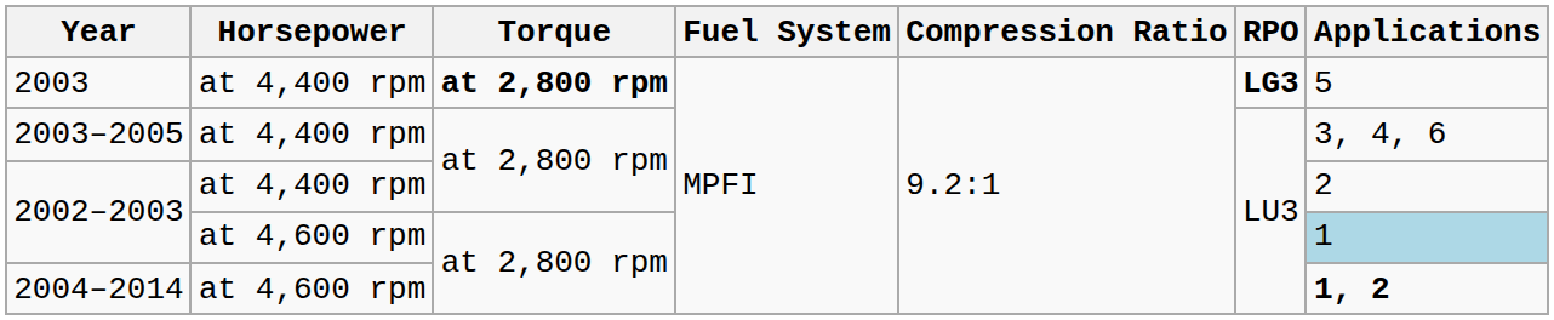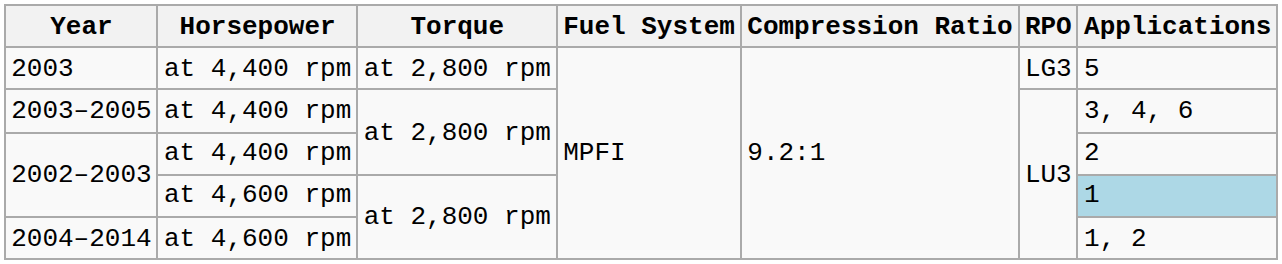 <table class=wikitable>
 <tr>
 <th>Year</th>
 <th>Horsepower</th>
 <th>Torque</th>
 <th>Fuel System</th>
 <th>Compression Ratio</th>
 <th>RPO</th>
 <th>Applications</th>
 </tr>
 <tr>
 <td>2003</td>
 <td> at 4,400 rpm</td>
-<td><strong> at 2,800 rpm</strong></td>
+<td> at 2,800 rpm</td>
 <td rowspan=5>MPFI</td>
 <td rowspan=5>9.2:1</td>
-<td><strong>LG3</strong></td>
+<td>LG3</td>
 <td>5</td>
 </tr>
 <tr>
 <td>2003–2005</td>
 <td> at 4,400 rpm</td>
 <td rowspan=2> at 2,800 rpm</td>
 <td rowspan=4>LU3</td>
 <td>3, 4, 6</td>
 </tr>
 <tr>
 <td rowspan=2>2002–2003</td>
 <td> at 4,400 rpm</td>
 <td>2</td>
 </tr>
 <tr>
 <td> at 4,600 rpm</td>
 <td rowspan=2> at 2,800 rpm</td>
 <td style="background: lightblue;">1</td>
 </tr>
 <tr>
 <td>2004–2014</td>
 <td> at 4,600 rpm</td>
-<td><strong>1, 2</strong></td>
+<td>1, 2</td>
 </tr>
 <tr>
 </tr>
 </table>
